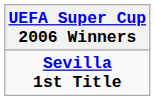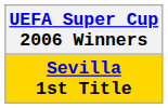 <table class="wikitable" style="text-align: center; margin: 0 auto;">
 <tr>
 <th><a href='#'>UEFA Super Cup</a><br>2006 Winners</th>
 </tr>
 <tr>
-<td><strong><a href='#'>Sevilla</a></strong><br><strong>1st Title</strong></td>
+<td style="background: gold;"><strong><a href='#'>Sevilla</a></strong><br><strong>1st Title</strong></td>
 </tr>
 </table>
